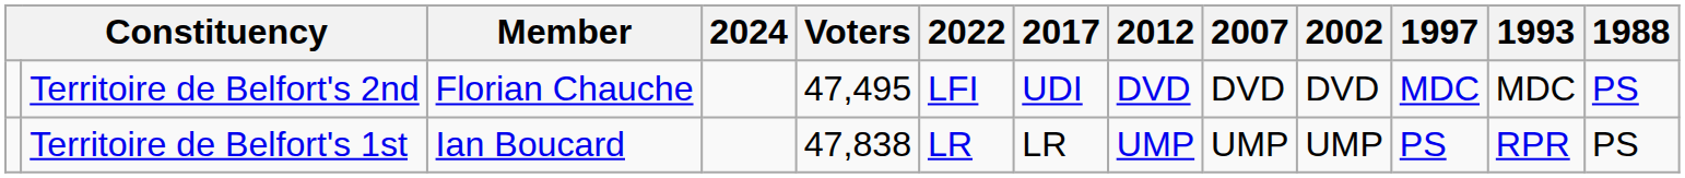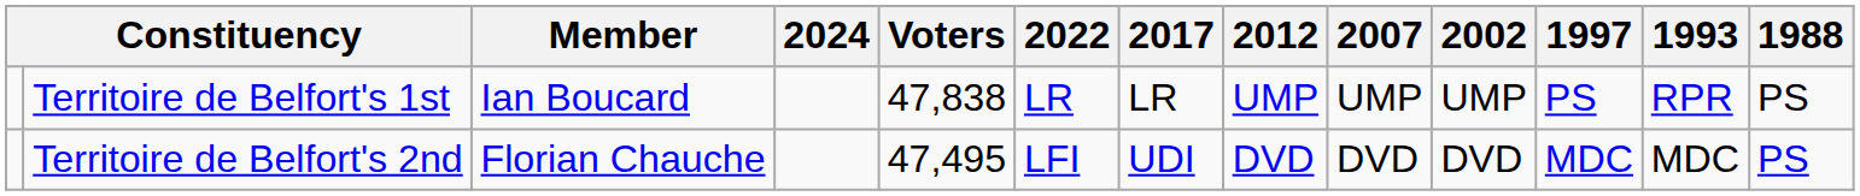 <table class="wikitable sortable">
 <tr>
 <th colspan="2">Constituency</th>
 <th>Member</th>
 <th>2024</th>
 <th>Voters</th>
 <th>2022</th>
 <th>2017</th>
 <th>2012</th>
 <th>2007</th>
 <th>2002</th>
 <th>1997</th>
 <th>1993</th>
 <th>1988</th>
 </tr>
 <tr>
 <td style="background-color: "></td>
+<td><a href='#'>Territoire de Belfort's 1st</a></td>
+<td><a href='#'>Ian Boucard</a></td>
+<td></td>
+<td>47,838</td>
+<td><a href='#'>LR</a></td>
+<td>LR</td>
+<td><a href='#'>UMP</a></td>
+<td>UMP</td>
+<td>UMP</td>
+<td><a href='#'>PS</a></td>
+<td><a href='#'>RPR</a></td>
+<td>PS</td>
+</tr>
+<tr>
+<td style="background-color: "></td>
 <td><a href='#'>Territoire de Belfort's 2nd</a></td>
 <td><a href='#'>Florian Chauche</a></td>
 <td></td>
 <td>47,495</td>
 <td><a href='#'>LFI</a></td>
 <td><a href='#'>UDI</a></td>
 <td><a href='#'>DVD</a></td>
 <td>DVD</td>
 <td>DVD</td>
 <td><a href='#'>MDC</a></td>
 <td>MDC</td>
 <td><a href='#'>PS</a></td>
 </tr>
-<tr>
-<td style="background-color: "></td>
-<td><a href='#'>Territoire de Belfort's 1st</a></td>
-<td><a href='#'>Ian Boucard</a></td>
-<td></td>
-<td>47,838</td>
-<td><a href='#'>LR</a></td>
-<td>LR</td>
-<td><a href='#'>UMP</a></td>
-<td>UMP</td>
-<td>UMP</td>
-<td><a href='#'>PS</a></td>
-<td><a href='#'>RPR</a></td>
-<td>PS</td>
-</tr>
 </table>
